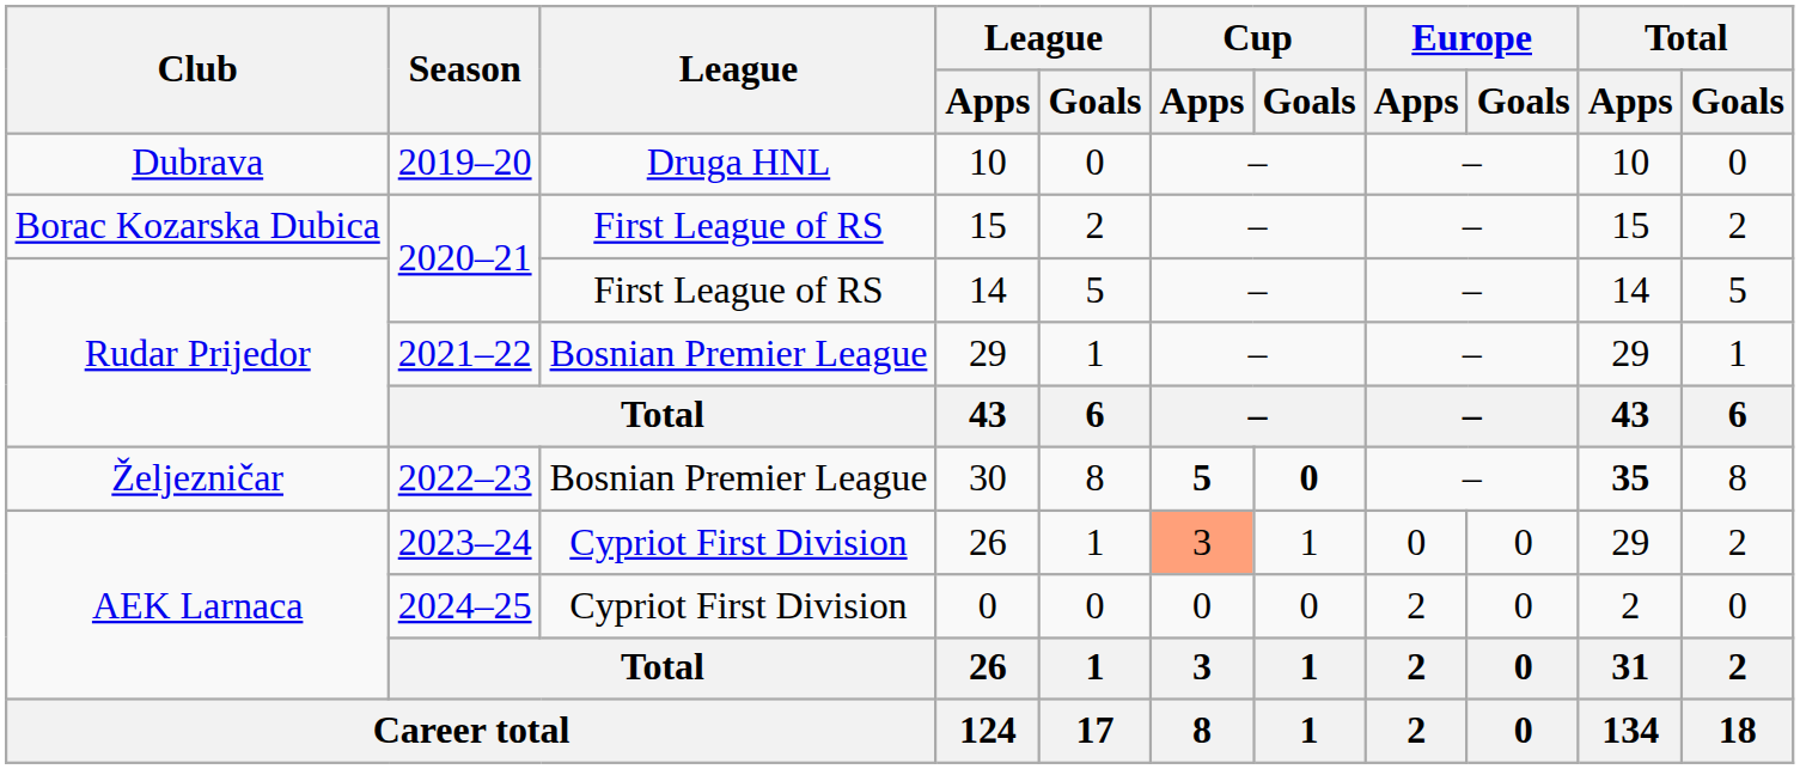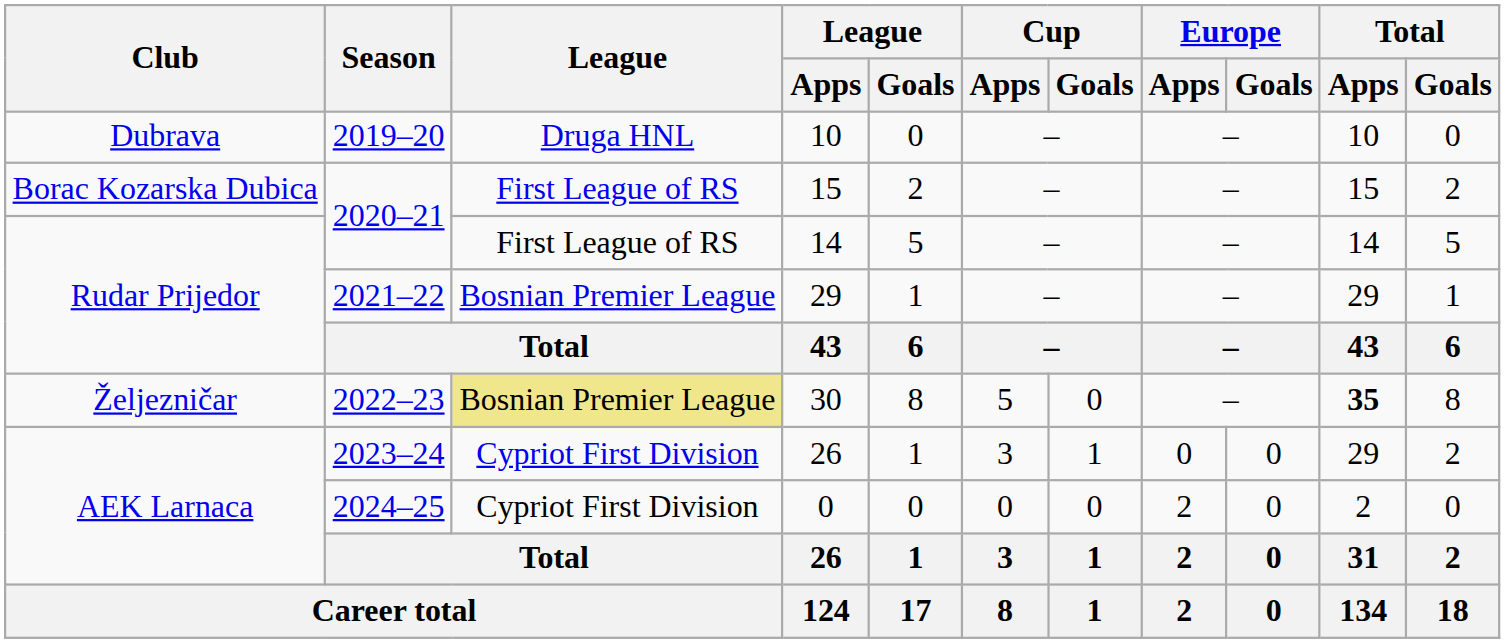 <table class="wikitable" style="text-align: center;font-size:90%">
 <tr>
 <th rowspan="2">Club</th>
 <th rowspan="2">Season</th>
 <th rowspan="2">League</th>
 <th colspan="2">League</th>
 <th colspan="2">Cup</th>
 <th colspan="2"><a href='#'>Europe</a></th>
 <th colspan="2">Total</th>
 </tr>
 <tr>
 <th>Apps</th>
 <th>Goals</th>
 <th>Apps</th>
 <th>Goals</th>
 <th>Apps</th>
 <th>Goals</th>
 <th>Apps</th>
 <th>Goals</th>
 </tr>
 <tr>
 <td><a href='#'>Dubrava</a></td>
 <td><a href='#'>2019–20</a></td>
 <td><a href='#'>Druga HNL</a></td>
 <td>10</td>
 <td>0</td>
 <td colspan="2">–</td>
 <td colspan="2">–</td>
 <td>10</td>
 <td>0</td>
 </tr>
 <tr>
 <td><a href='#'>Borac Kozarska Dubica</a></td>
 <td rowspan="2"><a href='#'>2020–21</a></td>
 <td><a href='#'>First League of RS</a></td>
 <td>15</td>
 <td>2</td>
 <td colspan="2">–</td>
 <td colspan="2">–</td>
 <td>15</td>
 <td>2</td>
 </tr>
 <tr>
 <td rowspan="3"><a href='#'>Rudar Prijedor</a></td>
 <td>First League of RS</td>
 <td>14</td>
 <td>5</td>
 <td colspan="2">–</td>
 <td colspan="2">–</td>
 <td>14</td>
 <td>5</td>
 </tr>
 <tr>
 <td><a href='#'>2021–22</a></td>
 <td><a href='#'>Bosnian Premier League</a></td>
 <td>29</td>
 <td>1</td>
 <td colspan="2">–</td>
 <td colspan="2">–</td>
 <td>29</td>
 <td>1</td>
 </tr>
 <tr>
 <th colspan="2">Total</th>
 <th>43</th>
 <th>6</th>
 <th colspan="2">–</th>
 <th colspan="2">–</th>
 <th>43</th>
 <th>6</th>
 </tr>
 <tr>
 <td><a href='#'>Željezničar</a></td>
 <td><a href='#'>2022–23</a></td>
-<td>Bosnian Premier League</td>
+<td style="background: khaki;">Bosnian Premier League</td>
 <td>30</td>
 <td>8</td>
-<td><strong>5</strong></td>
-<td><strong>0</strong></td>
+<td>5</td>
+<td>0</td>
 <td colspan="2">–</td>
 <td><strong>35</strong></td>
 <td>8</td>
 </tr>
 <tr>
 <td rowspan="3"><a href='#'>AEK Larnaca</a></td>
 <td><a href='#'>2023–24</a></td>
 <td><a href='#'>Cypriot First Division</a></td>
 <td>26</td>
 <td>1</td>
-<td style="background: lightsalmon;">3</td>
+<td>3</td>
 <td>1</td>
 <td>0</td>
 <td>0</td>
 <td>29</td>
 <td>2</td>
 </tr>
 <tr>
 <td><a href='#'>2024–25</a></td>
 <td>Cypriot First Division</td>
 <td>0</td>
 <td>0</td>
 <td>0</td>
 <td>0</td>
 <td>2</td>
 <td>0</td>
 <td>2</td>
 <td>0</td>
 </tr>
 <tr>
 <th colspan="2">Total</th>
 <th>26</th>
 <th>1</th>
 <th>3</th>
 <th>1</th>
 <th>2</th>
 <th>0</th>
 <th>31</th>
 <th>2</th>
 </tr>
 <tr>
 <th colspan="3">Career total</th>
 <th>124</th>
 <th>17</th>
 <th>8</th>
 <th>1</th>
 <th>2</th>
 <th>0</th>
 <th>134</th>
 <th>18</th>
 </tr>
 </table>
